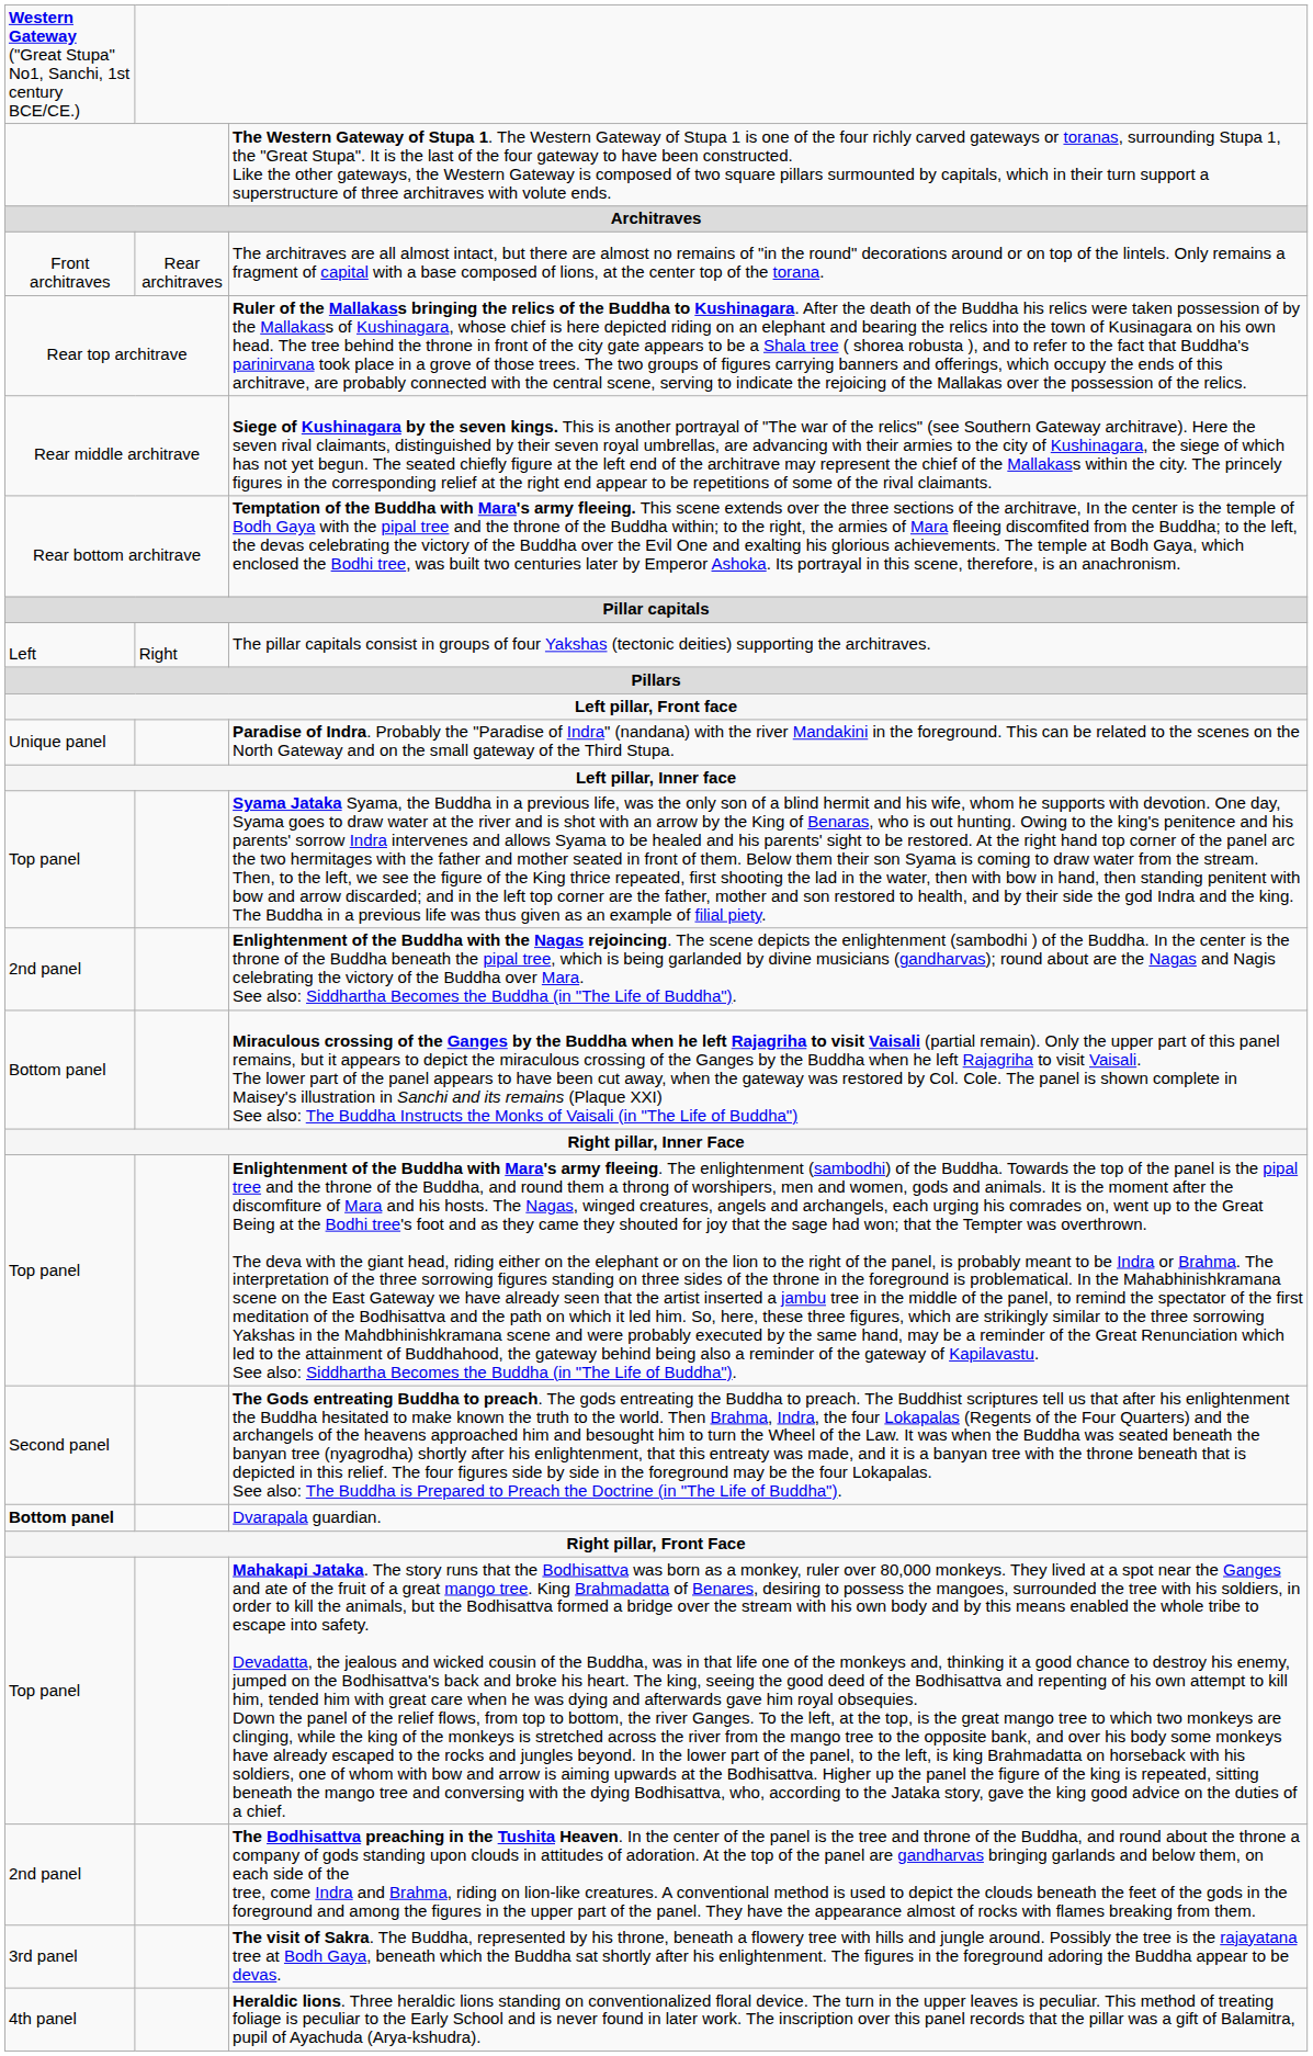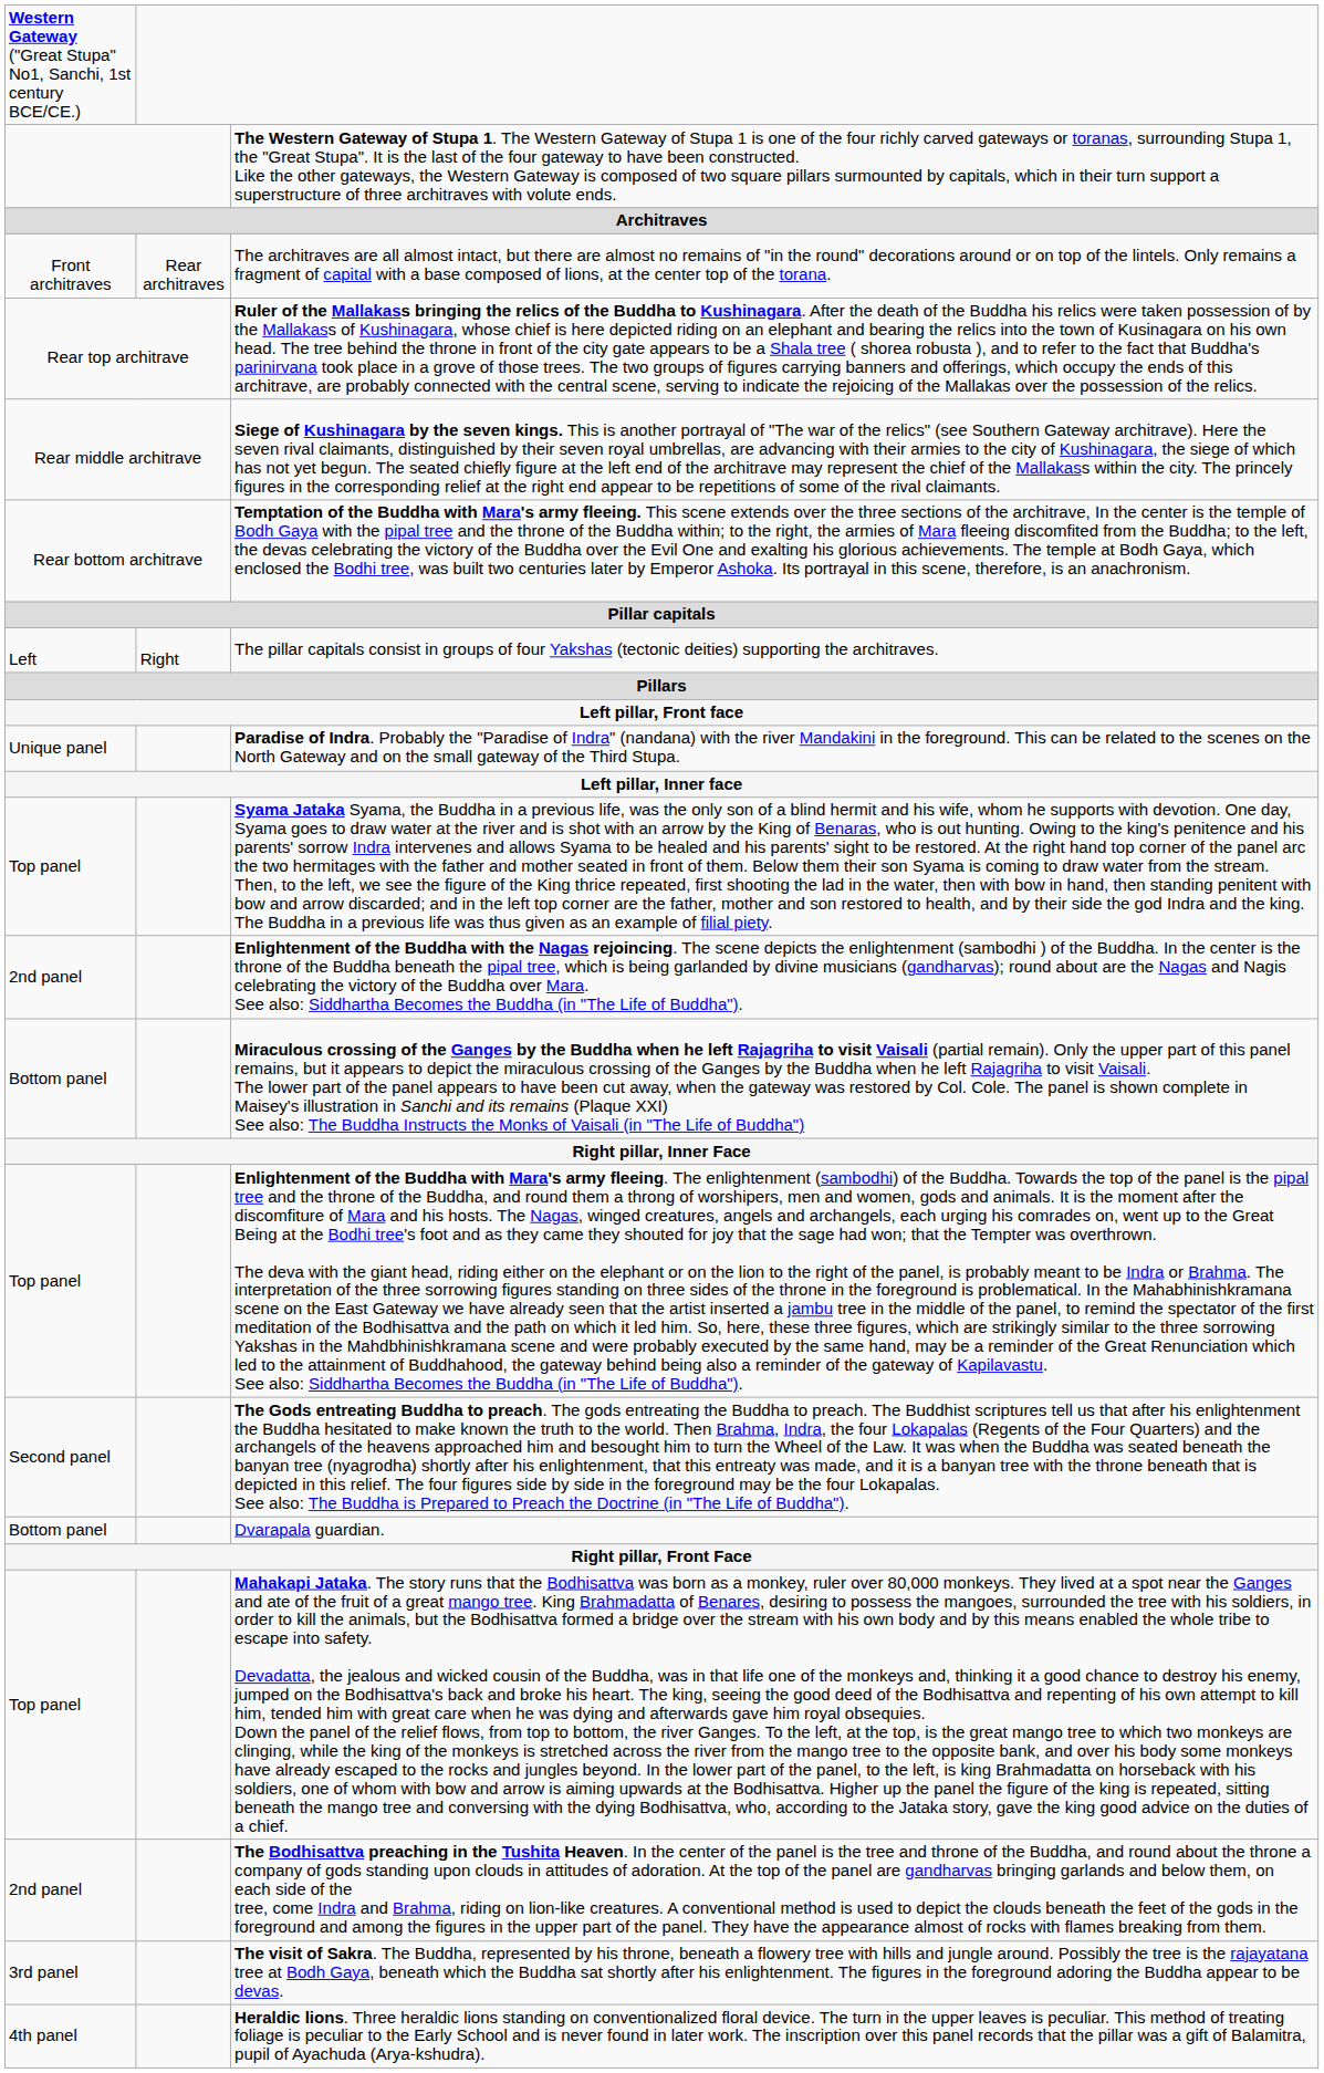 <table class="wikitable" style="margin:0 auto;"  align="center"  colspan="3" cellpadding="3" style="font-size: 80%; width: 100%;">
 <tr>
 <td state = ><strong><a href='#'>Western Gateway</a></strong><br>("Great Stupa" No1, Sanchi, 1st century BCE/CE.)</td>
 </tr>
 <tr>
 <td colspan=2 align="center"style="font-size: 100%; width: 1%;"></td>
 <td><strong>The Western Gateway of Stupa 1</strong>. The Western Gateway of Stupa 1 is one of the four richly carved gateways or <a href='#'>toranas</a>, surrounding Stupa 1, the "Great Stupa". It is the last of the four gateway to have been constructed.<br>Like the other gateways, the Western Gateway is composed of two square pillars surmounted by capitals, which in their turn support a superstructure of three architraves with volute ends.</td>
 </tr>
 <tr>
 <td align=center colspan=3 style="background:#DCDCDC; font-size: 100%;"><strong>Architraves</strong></td>
 </tr>
 <tr>
 <td align=center><br>Front architraves</td>
 <td align=center><br>Rear architraves</td>
 <td>The architraves are all almost intact, but there are almost no remains of "in the round" decorations around or on top of the lintels. Only remains a fragment of <a href='#'>capital</a> with a base composed of lions, at the center top of the <a href='#'>torana</a>.</td>
 </tr>
 <tr>
 <td colspan=2 align="center"><br>Rear top architrave</td>
 <td><strong>Ruler of the <a href='#'>Mallakas</a>s bringing the relics of the Buddha to <a href='#'>Kushinagara</a></strong>. After the death of the Buddha his relics were taken possession of by the <a href='#'>Mallakas</a>s of <a href='#'>Kushinagara</a>, whose chief is here depicted riding on an elephant and bearing the relics into the town of Kusinagara on his own head. The tree behind the throne in front of the city gate appears to be a <a href='#'>Shala tree</a> ( shorea robusta ), and to refer to the fact that Buddha's <a href='#'>parinirvana</a> took place in a grove of those trees. The two groups of figures carrying banners and offerings, which occupy the ends of this architrave, are probably connected with the central scene, serving to indicate the rejoicing of the Mallakas over the possession of the relics.</td>
 </tr>
 <tr>
 <td colspan=2 align="center"><br>Rear middle architrave</td>
 <td><br><strong>Siege of <a href='#'>Kushinagara</a> by the seven kings.</strong> This is another portrayal of "The war of the relics" (see Southern Gateway architrave). Here the seven rival claimants, distinguished by their seven royal umbrellas, are advancing with their armies to the city of <a href='#'>Kushinagara</a>, the siege of which has not yet begun. The seated chiefly figure at the left end of the architrave may represent the chief of the <a href='#'>Mallakas</a>s within the city. The princely figures in the corresponding relief at the right end appear to be repetitions of some of the rival claimants.</td>
 </tr>
 <tr>
 <td colspan=2 align="center"><br>Rear bottom architrave</td>
 <td><strong>Temptation of the Buddha with <a href='#'>Mara</a>'s army fleeing.</strong> This scene extends over the three sections of the architrave, In the center is the temple of <a href='#'>Bodh Gaya</a> with the <a href='#'>pipal tree</a> and the throne of the Buddha within; to the right, the armies of <a href='#'>Mara</a> fleeing discomfited from the Buddha; to the left, the devas celebrating the victory of the Buddha over the Evil One and exalting his glorious achievements. The temple at Bodh Gaya, which enclosed the <a href='#'>Bodhi tree</a>, was built two centuries later by Emperor <a href='#'>Ashoka</a>. Its portrayal in this scene, therefore, is an anachronism.<br><br></td>
 </tr>
 <tr>
 <td align=center colspan=3 style="background:#DCDCDC; font-size: 100%;"><strong>Pillar capitals</strong></td>
 </tr>
 <tr>
 <td><br>Left</td>
 <td><br>Right</td>
 <td>The pillar capitals consist in groups of four <a href='#'>Yakshas</a> (tectonic deities) supporting the architraves.</td>
 </tr>
 <tr>
 <td align=center colspan=3 style="background:#DCDCDC; font-size: 100%;"><strong>Pillars</strong></td>
 </tr>
 <tr>
 <td align=center colspan=3 style="background:#F5F5F5; font-size: 100%;"><strong>Left pillar, Front face</strong></td>
 </tr>
 <tr>
 <td style="width: 10%;">Unique panel</td>
 <td align="center"></td>
 <td><strong>Paradise of Indra</strong>. Probably the "Paradise of <a href='#'>Indra</a>" (nandana) with the river <a href='#'>Mandakini</a> in the foreground. This can be related to the scenes on the North Gateway and on the small gateway of the Third Stupa.</td>
 </tr>
 <tr>
 <td align=center colspan=3 style="background:#F5F5F5; font-size: 100%;"><strong>Left pillar, Inner face</strong></td>
 </tr>
 <tr>
 <td>Top panel</td>
 <td align="center"></td>
 <td><strong><a href='#'>Syama Jataka</a></strong> Syama, the Buddha in a previous life, was the only son of a blind hermit and his wife, whom he supports with devotion. One day, Syama goes to draw water at the river and is shot with an arrow by the King of <a href='#'>Benaras</a>, who is out hunting. Owing to the king's penitence and his parents' sorrow <a href='#'>Indra</a> intervenes and allows Syama to be healed and his parents' sight to be restored. At the right hand top corner of the panel arc the two hermitages with the father and mother seated in front of them. Below them their son Syama is coming to draw water from the stream. Then, to the left, we see the figure of the King thrice repeated, first shooting the lad in the water, then with bow in hand, then standing penitent with bow and arrow discarded; and in the left top corner are the father, mother and son restored to health, and by their side the god Indra and the king. The Buddha in a previous life was thus given as an example of <a href='#'>filial piety</a>.</td>
 </tr>
 <tr>
 <td>2nd panel</td>
 <td align="center"></td>
 <td><strong>Enlightenment of the Buddha with the <a href='#'>Nagas</a> rejoincing</strong>. The scene depicts the enlightenment (sambodhi ) of the Buddha. In the center is the throne of the Buddha beneath the <a href='#'>pipal tree</a>, which is being garlanded by divine musicians (<a href='#'>gandharvas</a>); round about are the <a href='#'>Nagas</a> and Nagis celebrating the victory of the Buddha over <a href='#'>Mara</a>.<br>See also: <a href='#'>Siddhartha Becomes the Buddha (in "The Life of Buddha")</a>.</td>
 </tr>
 <tr>
 <td>Bottom panel</td>
 <td align="center"></td>
 <td><br><strong>Miraculous crossing of the <a href='#'>Ganges</a> by the Buddha when he left <a href='#'>Rajagriha</a> to visit <a href='#'>Vaisali</a></strong> (partial remain). Only the upper part of this panel remains, but it appears to depict the miraculous crossing of the Ganges by the Buddha when he left <a href='#'>Rajagriha</a> to visit <a href='#'>Vaisali</a>.<br> The lower part of the panel appears to have been cut away, when the gateway was restored by Col. Cole. The panel is shown complete in Maisey's illustration in <em>Sanchi and its remains</em> (Plaque XXI) <br>See also: <a href='#'>The Buddha Instructs the Monks of Vaisali (in "The Life of Buddha")</a></td>
 </tr>
 <tr>
 <td align=center colspan=3 style="background:#F5F5F5; font-size: 100%;"><strong>Right pillar, Inner Face</strong></td>
 </tr>
 <tr>
 <td>Top panel</td>
 <td align="center"></td>
 <td><strong>Enlightenment of the Buddha with <a href='#'>Mara</a>'s army fleeing</strong>. The enlightenment (<a href='#'>sambodhi</a>) of the Buddha. Towards the top of the panel is the <a href='#'>pipal tree</a> and the throne of the Buddha, and round them a throng of worshipers, men and women, gods and animals. It is the moment after the discomfiture of <a href='#'>Mara</a> and his hosts. The <a href='#'>Nagas</a>, winged creatures, angels and archangels, each urging his comrades on, went up to the Great Being at the <a href='#'>Bodhi tree</a>'s foot and as they came they shouted for joy that the sage had won; that the Tempter was overthrown.<br><br>The deva with the giant head, riding either on the elephant or on the lion to the right of the panel, is probably meant to be <a href='#'>Indra</a> or <a href='#'>Brahma</a>. The interpretation of the three sorrowing figures standing on three sides of the throne in the foreground is problematical. In the Mahabhinishkramana scene on the East Gateway we have already seen that the artist inserted a <a href='#'>jambu</a> tree in the middle of the panel, to remind the spectator of the first meditation of the Bodhisattva and the path on which it led him. So, here, these three figures, which are strikingly similar to the three sorrowing Yakshas in the Mahdbhinishkramana scene and were probably executed by the same hand, may be a reminder of the Great Renunciation which led to the attainment of Buddhahood, the gateway behind being also a reminder of the gateway of <a href='#'>Kapilavastu</a>.<br>See also: <a href='#'>Siddhartha Becomes the Buddha (in "The Life of Buddha")</a>.</td>
 </tr>
 <tr>
 <td>Second panel</td>
 <td align="center"></td>
 <td><strong>The Gods entreating Buddha to preach</strong>. The gods entreating the Buddha to preach. The Buddhist scriptures tell us that after his enlightenment the Buddha hesitated to make known the truth to the world. Then <a href='#'>Brahma</a>, <a href='#'>Indra</a>, the four <a href='#'>Lokapalas</a> (Regents of the Four Quarters) and the archangels of the heavens approached him and besought him to turn the Wheel of the Law. It was when the Buddha was seated beneath the banyan tree (nyagrodha) shortly after his enlightenment, that this entreaty was made, and it is a banyan tree with the throne beneath that is depicted in this relief. The four figures side by side in the foreground may be the four Lokapalas.<br>See also: <a href='#'>The Buddha is Prepared to Preach the Doctrine (in "The Life of Buddha")</a>.</td>
 </tr>
 <tr>
-<td><strong>Bottom panel</strong></td>
+<td>Bottom panel</td>
 <td align="center"></td>
 <td><a href='#'>Dvarapala</a> guardian.</td>
 </tr>
 <tr>
 <td align=center colspan=3 style="background:#F5F5F5; font-size: 100%;"><strong>Right pillar, Front Face</strong></td>
 </tr>
 <tr>
 <td>Top panel</td>
 <td align="center"></td>
 <td><strong><a href='#'>Mahakapi Jataka</a></strong>. The story runs that the <a href='#'>Bodhisattva</a> was born as a monkey, ruler over 80,000 monkeys. They lived at a spot near the <a href='#'>Ganges</a> and ate of the fruit of a great <a href='#'>mango tree</a>. King <a href='#'>Brahmadatta</a> of <a href='#'>Benares</a>, desiring to possess the mangoes, surrounded the tree with his soldiers, in order to kill the animals, but the Bodhisattva formed a bridge over the stream with his own body and by this means enabled the whole tribe to escape into safety.<br><br> <a href='#'>Devadatta</a>, the jealous and wicked cousin of the Buddha, was in that life one of the monkeys and, thinking it a good chance to destroy his enemy, jumped on the Bodhisattva's back and broke his heart. The king, seeing the good deed of the Bodhisattva and repenting of his own attempt to kill him, tended him with great care when he was dying and afterwards gave him royal obsequies.<br> Down the panel of the relief flows, from top to bottom, the river Ganges. To the left, at the top, is the great mango tree to which two monkeys are clinging, while the king of the monkeys is stretched across the river from the mango tree to the opposite bank, and over his body some monkeys have already escaped to the rocks and jungles beyond. In the lower part of the panel, to the left, is king Brahmadatta on horseback with his soldiers, one of whom with bow and arrow is aiming upwards at the Bodhisattva. Higher up the panel the figure of the king is repeated, sitting beneath the mango tree and conversing with the dying Bodhisattva, who, according to the Jataka story, gave the king good advice on the duties of a chief.</td>
 </tr>
 <tr>
 <td>2nd panel</td>
 <td align="center"></td>
 <td><strong>The <a href='#'>Bodhisattva</a> preaching in the <a href='#'>Tushita</a> Heaven</strong>. In the center of the panel is the tree and throne of the Buddha, and round about the throne a company of gods standing upon clouds in attitudes of adoration. At the top of the panel are <a href='#'>gandharvas</a> bringing garlands and below them, on each side of the<br>tree, come <a href='#'>Indra</a> and <a href='#'>Brahma</a>, riding on lion-like creatures. A conventional method is used to depict the clouds beneath the feet of the gods in the foreground and among the figures in the upper part of the panel. They have the appearance almost of rocks with flames breaking from them.</td>
 </tr>
 <tr>
 <td>3rd panel</td>
 <td align="center"></td>
 <td><strong>The visit of Sakra</strong>. The Buddha, represented by his throne, beneath a flowery tree with hills and jungle around. Possibly the tree is the <a href='#'>rajayatana</a> tree at <a href='#'>Bodh Gaya</a>, beneath which the Buddha sat shortly after his enlightenment. The figures in the foreground adoring the Buddha appear to be <a href='#'>devas</a>.</td>
 </tr>
 <tr>
 <td>4th panel</td>
 <td align="center"></td>
 <td><strong>Heraldic lions</strong>. Three heraldic lions standing on conventionalized floral device. The turn in the upper leaves is peculiar. This method of treating foliage is peculiar to the Early School and is never found in later work. The inscription over this panel records that the pillar was a gift of Balamitra, pupil of Ayachuda (Arya-kshudra).</td>
 </tr>
 </table>
